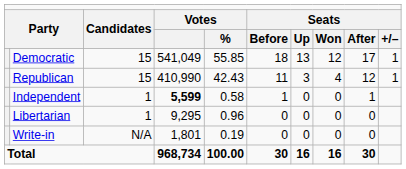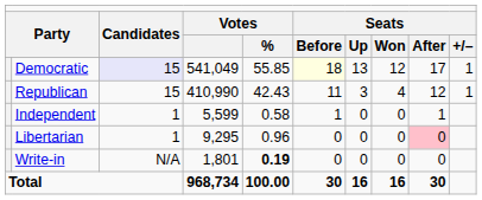 <table class="wikitable">
 <tr>
 <td colspan=13 align=center></td>
 </tr>
 <tr>
 <th rowspan="2" colspan="2">Party</th>
 <th rowspan="2">Candidates</th>
 <th colspan="2">Votes</th>
 <th colspan="5">Seats</th>
 </tr>
 <tr>
 <th></th>
 <th>%</th>
 <th>Before</th>
 <th>Up</th>
 <th>Won</th>
 <th>After</th>
 <th>+/–</th>
 </tr>
 <tr>
 <th style="background-color:"></th>
 <td><a href='#'>Democratic</a></td>
-<td align="right">15</td>
+<td align="right" style="background: lavender;">15</td>
 <td align="right">541,049</td>
 <td align="right">55.85</td>
-<td align="right" >18</td>
+<td align="right"  style="background: lightyellow;">18</td>
 <td align="right" >13</td>
 <td align="right" >12</td>
 <td align="right" >17</td>
 <td align="right"> 1</td>
 </tr>
 <tr>
 <th style="background-color:"></th>
 <td><a href='#'>Republican</a></td>
 <td align="right">15</td>
 <td align="right">410,990</td>
 <td align="right">42.43</td>
 <td align="right">11</td>
 <td align="right">3</td>
 <td align="right">4</td>
 <td align="right">12</td>
 <td align="right"> 1</td>
 </tr>
 <tr>
 <th style="background-color:"></th>
 <td><a href='#'>Independent</a></td>
 <td align="right">1</td>
-<td align="right"><strong>5,599</strong></td>
+<td align="right">5,599</td>
 <td align="right">0.58</td>
 <td align="right">1</td>
 <td align="right">0</td>
 <td align="right">0</td>
 <td align="right">1</td>
 <td align="right"></td>
 </tr>
 <tr>
 <th style="background-color:"></th>
 <td><a href='#'>Libertarian</a></td>
 <td align="right">1</td>
 <td align="right">9,295</td>
 <td align="right">0.96</td>
 <td align="right">0</td>
 <td align="right">0</td>
 <td align="right">0</td>
-<td align="right">0</td>
+<td align="right" style="background: pink;">0</td>
 <td align="right"></td>
 </tr>
 <tr>
 <th style="background-color:"></th>
 <td><a href='#'>Write-in</a></td>
 <td align="right">N/A</td>
 <td align="right">1,801</td>
-<td align="right">0.19</td>
+<td align="right"><strong>0.19</strong></td>
 <td align="right">0</td>
 <td align="right">0</td>
 <td align="right">0</td>
 <td align="right">0</td>
 <td align="right"></td>
 </tr>
 <tr>
 <td colspan="3" align="left"><strong>Total</strong></td>
 <td align="right"><strong>968,734</strong></td>
 <td align="right"><strong>100.00</strong></td>
 <td align="right"><strong>30</strong></td>
 <td align="right"><strong>16</strong></td>
 <td align="right"><strong>16</strong></td>
 <td align="right"><strong>30</strong></td>
 <td align="right"></td>
 </tr>
 </table>
